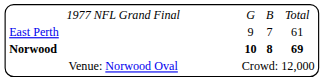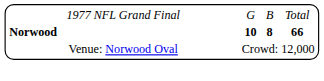 <table style="margin-right:4px; margin-top:8px; float:right; border:1px #000 solid; border-radius:8px; background:#fff; font-family:Verdana; font-size:8pt; text-align:center;">
 <tr>
 <td width=200><em>1977 NFL Grand Final</em></td>
 <td><em>G</em></td>
 <td><em>B</em></td>
 <td><em>Total</em></td>
 </tr>
 <tr>
-<td style="text-align:left"><a href='#'>East Perth</a></td>
-<td>9</td>
-<td>7</td>
-<td>61</td>
-</tr>
-<tr>
 <td style="text-align:left"><strong>Norwood</strong></td>
 <td><strong>10</strong></td>
 <td><strong>8</strong></td>
-<td><strong>69</strong></td>
+<td><strong>66</strong></td>
 </tr>
 <tr>
 <td>Venue: <a href='#'>Norwood Oval</a></td>
 <td colspan=3>Crowd: 12,000</td>
 </tr>
 </table>
